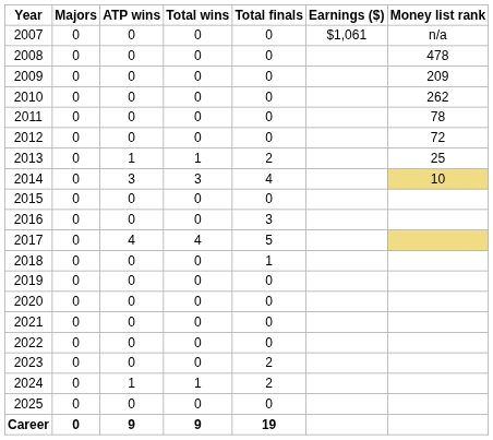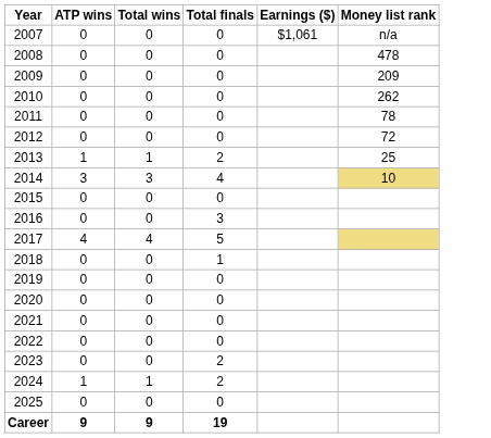 <table cellpadding=3 cellspacing=0 border=1 style=font-size:100%;border:#aaa;solid:1;border-collapse:collapse;text-align:center>
 <tr>
 <th>Year</th>
-<th>Majors</th>
 <th>ATP wins</th>
 <th>Total wins</th>
 <th>Total finals</th>
 <th>Earnings ($)</th>
 <th>Money list rank</th>
 </tr>
 <tr>
 <td>2007</td>
 <td>0</td>
 <td>0</td>
 <td>0</td>
-<td>0</td>
 <td>$1,061</td>
 <td>n/a</td>
 </tr>
 <tr>
 <td>2008</td>
-<td>0</td>
 <td>0</td>
 <td>0</td>
 <td>0</td>
 <td></td>
 <td>478</td>
 </tr>
 <tr>
 <td>2009</td>
 <td>0</td>
 <td>0</td>
 <td>0</td>
-<td>0</td>
 <td></td>
 <td>209</td>
 </tr>
 <tr>
 <td>2010</td>
-<td>0</td>
 <td>0</td>
 <td>0</td>
 <td>0</td>
 <td></td>
 <td>262</td>
 </tr>
 <tr>
 <td>2011</td>
 <td>0</td>
 <td>0</td>
 <td>0</td>
-<td>0</td>
 <td></td>
 <td>78</td>
 </tr>
 <tr>
 <td>2012</td>
 <td>0</td>
 <td>0</td>
 <td>0</td>
-<td>0</td>
 <td></td>
 <td>72</td>
 </tr>
 <tr>
 <td>2013</td>
-<td>0</td>
 <td>1</td>
 <td>1</td>
 <td>2</td>
 <td></td>
 <td>25</td>
 </tr>
 <tr>
 <td>2014</td>
-<td>0</td>
 <td>3</td>
 <td>3</td>
 <td>4</td>
 <td></td>
 <td bgcolor=f0dc82>10</td>
 </tr>
 <tr>
 <td>2015</td>
 <td>0</td>
 <td>0</td>
 <td>0</td>
-<td>0</td>
 <td></td>
 <td></td>
 </tr>
 <tr>
 <td>2016</td>
-<td>0</td>
 <td>0</td>
 <td>0</td>
 <td>3</td>
 <td></td>
 <td></td>
 </tr>
 <tr>
 <td>2017</td>
-<td>0</td>
 <td>4</td>
 <td>4</td>
 <td>5</td>
 <td></td>
 <td bgcolor=f0dc82></td>
 </tr>
 <tr>
 <td>2018</td>
-<td>0</td>
 <td>0</td>
 <td>0</td>
 <td>1</td>
 <td></td>
 <td></td>
 </tr>
 <tr>
 <td>2019</td>
 <td>0</td>
 <td>0</td>
 <td>0</td>
-<td>0</td>
 <td></td>
 <td></td>
 </tr>
 <tr>
 <td>2020</td>
-<td>0</td>
 <td>0</td>
 <td>0</td>
 <td>0</td>
 <td></td>
 <td></td>
 </tr>
 <tr>
 <td>2021</td>
 <td>0</td>
 <td>0</td>
 <td>0</td>
-<td>0</td>
 <td></td>
 <td></td>
 </tr>
 <tr>
 <td>2022</td>
-<td>0</td>
 <td>0</td>
 <td>0</td>
 <td>0</td>
 <td></td>
 <td></td>
 </tr>
 <tr>
 <td>2023</td>
 <td>0</td>
 <td>0</td>
-<td>0</td>
 <td>2</td>
 <td></td>
 <td></td>
 </tr>
 <tr>
 <td>2024</td>
-<td>0</td>
 <td>1</td>
 <td>1</td>
 <td>2</td>
 <td></td>
 <td></td>
 </tr>
 <tr>
 <td>2025</td>
 <td>0</td>
 <td>0</td>
 <td>0</td>
-<td>0</td>
 <td align=right></td>
 <td></td>
 </tr>
 <tr>
 <th>Career</th>
-<th>0</th>
 <th>9</th>
 <th>9</th>
 <th>19</th>
 <td></td>
 <td></td>
 </tr>
 </table>
